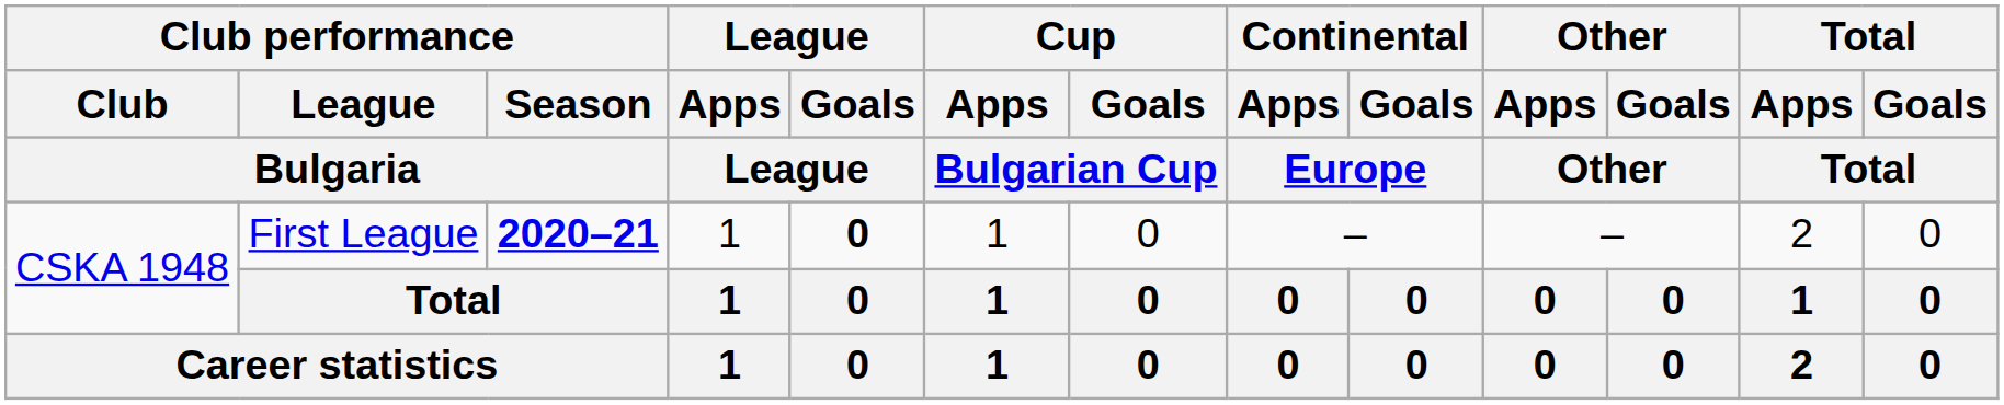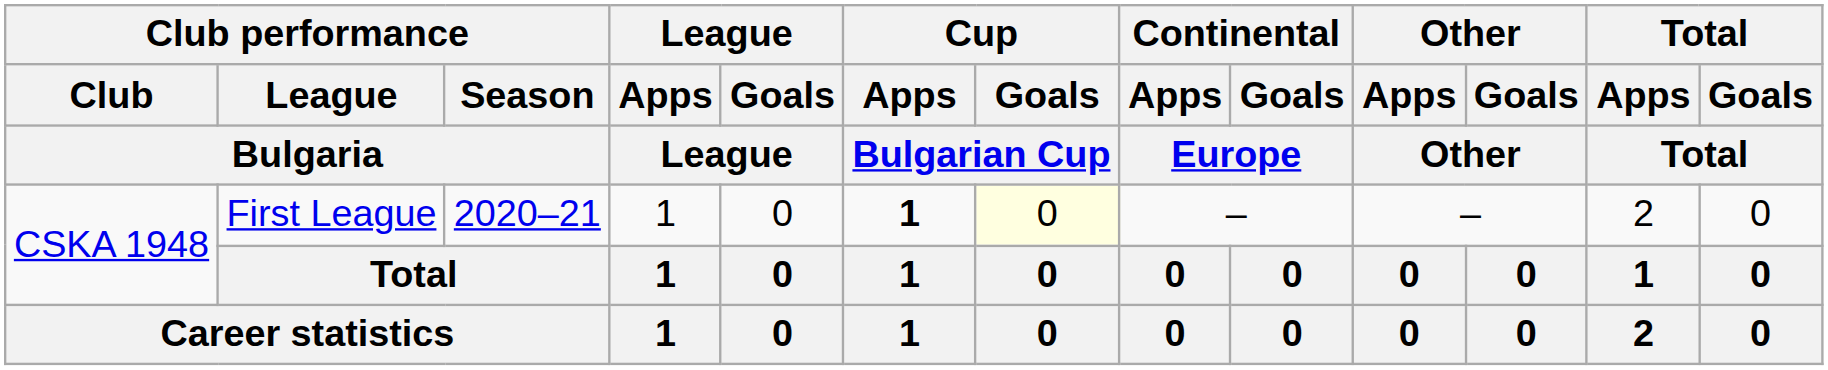 <table class="wikitable" style="text-align: center">
 <tr>
 <th colspan="3">Club performance</th>
 <th colspan="2">League</th>
 <th colspan="2">Cup</th>
 <th colspan="2">Continental</th>
 <th colspan="2">Other</th>
 <th colspan="3">Total</th>
 </tr>
 <tr>
 <th>Club</th>
 <th>League</th>
 <th>Season</th>
 <th>Apps</th>
 <th>Goals</th>
 <th>Apps</th>
 <th>Goals</th>
 <th>Apps</th>
 <th>Goals</th>
 <th>Apps</th>
 <th>Goals</th>
 <th>Apps</th>
 <th>Goals</th>
 </tr>
 <tr>
 <th colspan="3">Bulgaria</th>
 <th colspan="2">League</th>
 <th colspan="2"><a href='#'>Bulgarian Cup</a></th>
 <th colspan="2"><a href='#'>Europe</a></th>
 <th colspan="2">Other</th>
 <th colspan="2">Total</th>
 </tr>
 <tr>
 <td rowspan="2" valign="center"><a href='#'>CSKA 1948</a></td>
 <td rowspan="1"><a href='#'>First League</a></td>
-<td><strong><a href='#'>2020–21</a></strong></td>
-<td>1</td>
-<td><strong>0</strong></td>
+<td><a href='#'>2020–21</a></td>
 <td>1</td>
 <td>0</td>
+<td><strong>1</strong></td>
+<td style="background: lightyellow;">0</td>
 <td colspan="2">–</td>
 <td colspan="2">–</td>
 <td>2</td>
 <td>0</td>
 </tr>
 <tr>
 <th colspan=2>Total</th>
 <th>1</th>
 <th>0</th>
 <th>1</th>
 <th>0</th>
 <th>0</th>
 <th>0</th>
 <th>0</th>
 <th>0</th>
 <th>1</th>
 <th>0</th>
 </tr>
 <tr>
 <th colspan="3">Career statistics</th>
 <th>1</th>
 <th>0</th>
 <th>1</th>
 <th>0</th>
 <th>0</th>
 <th>0</th>
 <th>0</th>
 <th>0</th>
 <th>2</th>
 <th>0</th>
 </tr>
 </table>
